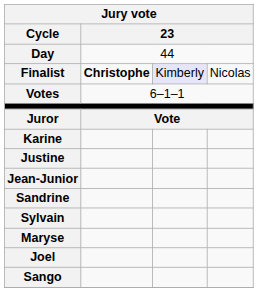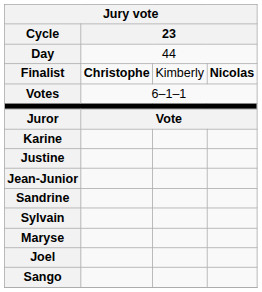 <table class="wikitable nowrap" style="text-align:center">
 <tr>
 <th colspan="4">Jury vote</th>
 </tr>
 <tr>
 <th>Cycle</th>
 <th colspan="3">23</th>
 </tr>
 <tr>
 <th>Day</th>
 <td colspan="3">44</td>
 </tr>
 <tr>
 <th>Finalist</th>
 <td><strong>Christophe</strong></td>
-<td style="background: lavender;">Kimberly</td>
-<td>Nicolas</td>
+<td>Kimberly</td>
+<td><strong>Nicolas</strong></td>
 </tr>
 <tr>
 <th>Votes</th>
 <td colspan="3">6–1–1</td>
 </tr>
 <tr>
 <th colspan="100%" style="background:black;"></th>
 </tr>
 <tr>
 <th>Juror</th>
 <th colspan="3">Vote</th>
 </tr>
 <tr>
 <th scope="row">Karine</th>
 <td></td>
 <td></td>
 <td></td>
 </tr>
 <tr>
 <th scope="row">Justine</th>
 <td></td>
 <td></td>
 <td></td>
 </tr>
 <tr>
 <th scope="row">Jean-Junior</th>
 <td></td>
 <td></td>
 <td></td>
 </tr>
 <tr>
 <th scope="row">Sandrine</th>
 <td></td>
 <td></td>
 <td></td>
 </tr>
 <tr>
 <th scope="row">Sylvain</th>
 <td></td>
 <td></td>
 <td></td>
 </tr>
 <tr>
 <th scope="row">Maryse</th>
 <td></td>
 <td></td>
 <td></td>
 </tr>
 <tr>
 <th scope="row">Joel</th>
 <td></td>
 <td></td>
 <td></td>
 </tr>
 <tr>
 <th scope="row">Sango</th>
 <td></td>
 <td></td>
 <td></td>
 </tr>
 <tr>
 </tr>
 </table>
